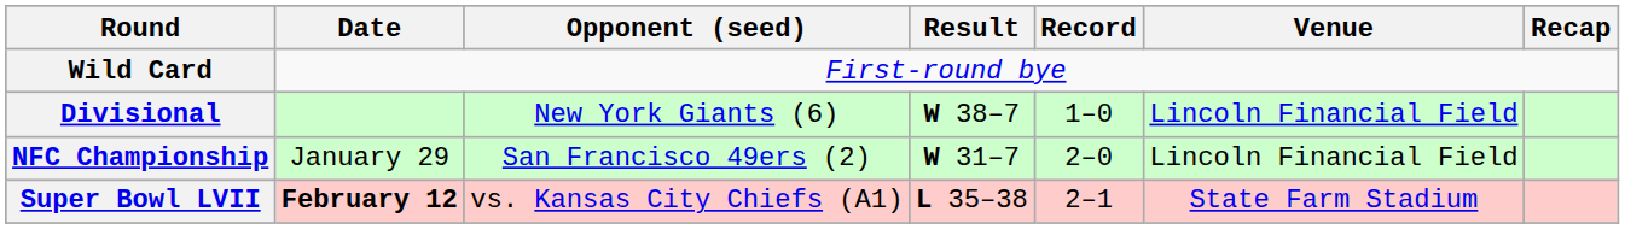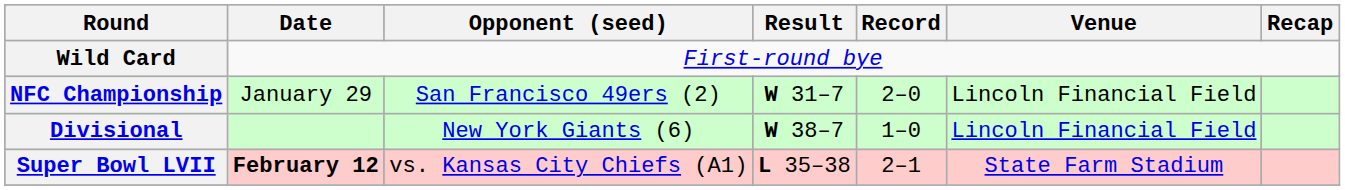 <table class="wikitable" style="text-align:center">
 <tr>
 <th>Round</th>
 <th>Date</th>
 <th>Opponent (seed)</th>
 <th>Result</th>
 <th>Record</th>
 <th>Venue</th>
 <th>Recap</th>
 </tr>
 <tr>
 <th>Wild Card</th>
 <td colspan="6"><em><a href='#'>First-round bye</a></em></td>
 </tr>
 <tr style="background:#cfc">
+<th><a href='#'>NFC Championship</a></th>
+<td>January 29</td>
+<td><a href='#'>San Francisco 49ers</a> (2)</td>
+<td><strong>W</strong> 31–7</td>
+<td>2–0</td>
+<td>Lincoln Financial Field</td>
+<td></td>
+</tr>
+<tr style="background:#cfc">
 <th><a href='#'>Divisional</a></th>
 <td></td>
 <td><a href='#'>New York Giants</a> (6)</td>
 <td><strong>W</strong> 38–7</td>
 <td>1–0</td>
 <td><a href='#'>Lincoln Financial Field</a></td>
-<td></td>
-</tr>
-<tr style="background:#cfc">
-<th><a href='#'>NFC Championship</a></th>
-<td>January 29</td>
-<td><a href='#'>San Francisco 49ers</a> (2)</td>
-<td><strong>W</strong> 31–7</td>
-<td>2–0</td>
-<td>Lincoln Financial Field</td>
 <td></td>
 </tr>
 <tr style="background:#fcc">
 <th><a href='#'>Super Bowl LVII</a></th>
 <td><strong>February 12</strong></td>
 <td>vs. <a href='#'>Kansas City Chiefs</a> (A1)</td>
 <td><strong>L</strong> 35–38</td>
 <td>2–1</td>
 <td><a href='#'>State Farm Stadium</a></td>
 <td></td>
 </tr>
 </table>
